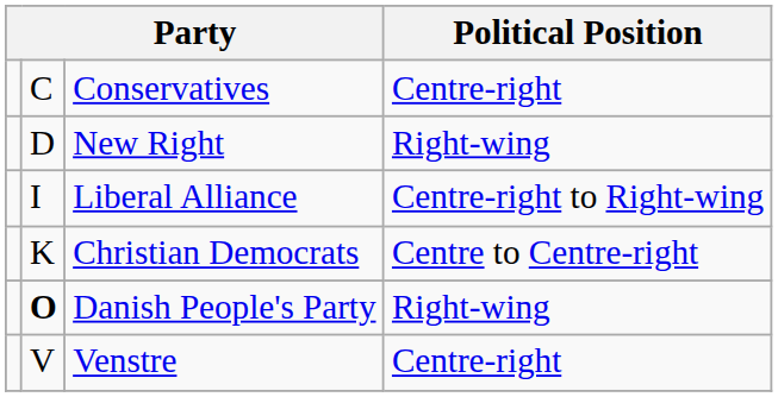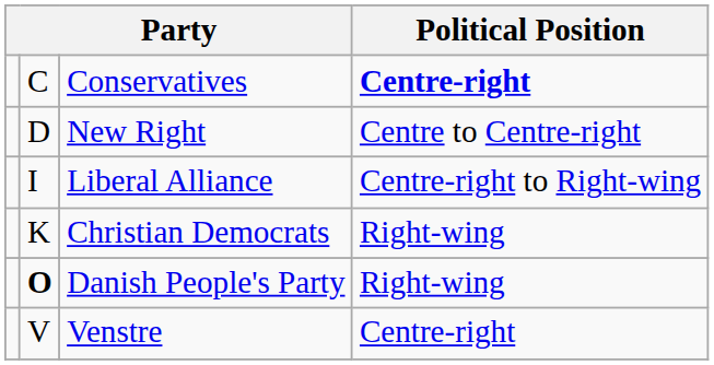 <table class="wikitable mw-collapsible mw-collapsed">
 <tr>
 <th colspan="3">Party</th>
 <th>Political Position</th>
 </tr>
 <tr>
 <td></td>
 <td>C</td>
 <td><a href='#'>Conservatives</a></td>
-<td><a href='#'>Centre-right</a></td>
+<td><strong><a href='#'>Centre-right</a></strong></td>
 </tr>
 <tr>
 <td></td>
 <td>D</td>
 <td><a href='#'>New Right</a></td>
-<td><a href='#'>Right-wing</a></td>
+<td><a href='#'>Centre</a> to <a href='#'>Centre-right</a></td>
 </tr>
 <tr>
 <td></td>
 <td>I</td>
 <td><a href='#'>Liberal Alliance</a></td>
 <td><a href='#'>Centre-right</a> to <a href='#'>Right-wing</a></td>
 </tr>
 <tr>
 <td></td>
 <td>K</td>
 <td><a href='#'>Christian Democrats</a></td>
-<td><a href='#'>Centre</a> to <a href='#'>Centre-right</a></td>
+<td><a href='#'>Right-wing</a></td>
 </tr>
 <tr>
 <td></td>
 <td><strong>O</strong></td>
 <td><a href='#'>Danish People's Party</a></td>
 <td><a href='#'>Right-wing</a></td>
 </tr>
 <tr>
 <td></td>
 <td>V</td>
 <td><a href='#'>Venstre</a></td>
 <td><a href='#'>Centre-right</a></td>
 </tr>
 </table>
